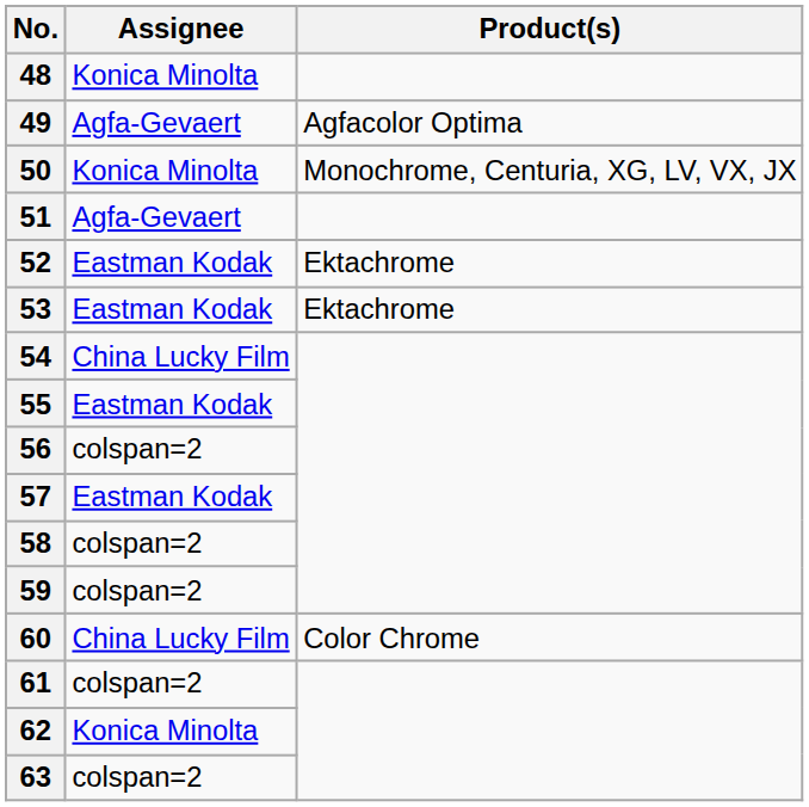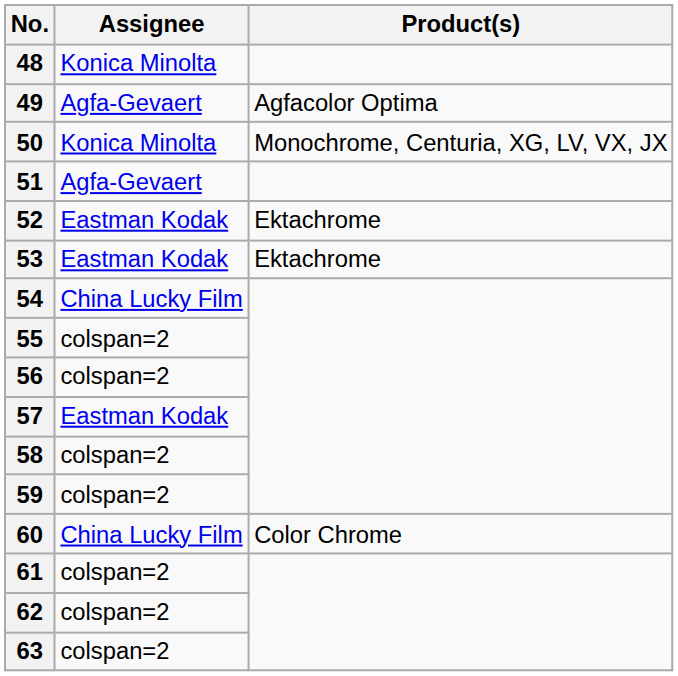 <table class="wikitable" style="font-size:75%;text-align:left;">
 <tr>
 <th>No.</th>
 <th>Assignee</th>
 <th>Product(s)</th>
 </tr>
 <tr>
 <th>48</th>
 <td><a href='#'>Konica Minolta</a></td>
 <td></td>
 </tr>
 <tr>
 <th>49</th>
 <td><a href='#'>Agfa-Gevaert</a></td>
 <td>Agfacolor Optima</td>
 </tr>
 <tr>
 <th>50</th>
 <td><a href='#'>Konica Minolta</a></td>
 <td>Monochrome, Centuria, XG, LV, VX, JX</td>
 </tr>
 <tr>
 <th>51</th>
 <td><a href='#'>Agfa-Gevaert</a></td>
 <td></td>
 </tr>
 <tr>
 <th>52</th>
 <td><a href='#'>Eastman Kodak</a></td>
 <td>Ektachrome</td>
 </tr>
 <tr>
 <th>53</th>
 <td><a href='#'>Eastman Kodak</a></td>
 <td>Ektachrome</td>
 </tr>
 <tr>
 <th>54</th>
 <td><a href='#'>China Lucky Film</a></td>
 </tr>
 <tr>
 <th>55</th>
-<td><a href='#'>Eastman Kodak</a></td>
+<td>colspan=2 </td>
 </tr>
 <tr>
 <th>56</th>
 <td>colspan=2 </td>
 </tr>
 <tr>
 <th>57</th>
 <td><a href='#'>Eastman Kodak</a></td>
 </tr>
 <tr>
 <th>58</th>
 <td>colspan=2 </td>
 </tr>
 <tr>
 <th>59</th>
 <td>colspan=2 </td>
 </tr>
 <tr>
 <th>60</th>
 <td><a href='#'>China Lucky Film</a></td>
 <td>Color Chrome</td>
 </tr>
 <tr>
 <th>61</th>
 <td>colspan=2 </td>
 </tr>
 <tr>
 <th>62</th>
-<td><a href='#'>Konica Minolta</a></td>
+<td>colspan=2 </td>
 </tr>
 <tr>
 <th>63</th>
 <td>colspan=2 </td>
 </tr>
 </table>
